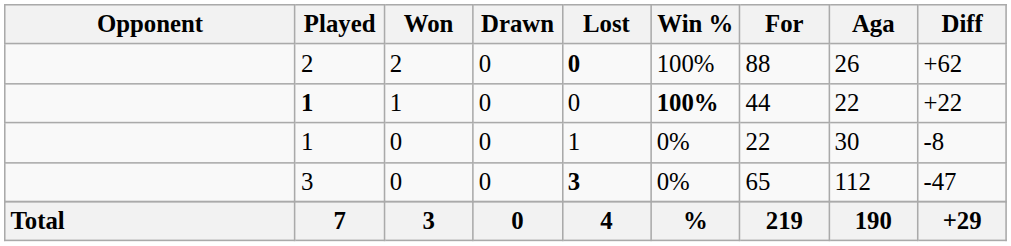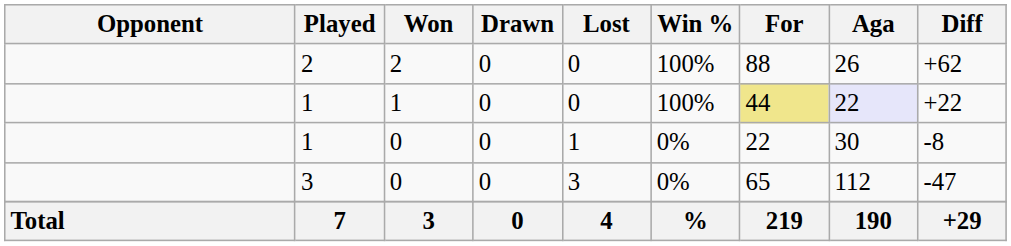 <table class="wikitable sortable" style="font-size:100%">
 <tr>
 <th style="width:180px;">Opponent</th>
 <th style="width:50px;">Played</th>
 <th style="width:50px;">Won</th>
 <th style="width:50px;">Drawn</th>
 <th style="width:50px;">Lost</th>
 <th style="width:50px;">Win %</th>
 <th style="width:50px;">For</th>
 <th style="width:50px;">Aga</th>
 <th style="width:50px;">Diff</th>
 </tr>
 <tr>
 <td style="text-align:left;"></td>
 <td>2</td>
 <td>2</td>
 <td>0</td>
-<td><strong>0</strong></td>
+<td>0</td>
 <td>100%</td>
 <td>88</td>
 <td>26</td>
 <td>+62</td>
 </tr>
 <tr>
 <td style="text-align:left;"></td>
-<td><strong>1</strong></td>
+<td>1</td>
 <td>1</td>
 <td>0</td>
 <td>0</td>
-<td><strong>100%</strong></td>
-<td>44</td>
-<td>22</td>
+<td>100%</td>
+<td style="background: khaki;">44</td>
+<td style="background: lavender;">22</td>
 <td>+22</td>
 </tr>
 <tr>
 <td style="text-align:left;"></td>
 <td>1</td>
 <td>0</td>
 <td>0</td>
 <td>1</td>
 <td>0%</td>
 <td>22</td>
 <td>30</td>
 <td>-8</td>
 </tr>
 <tr>
 <td style="text-align:left;"></td>
 <td>3</td>
 <td>0</td>
 <td>0</td>
-<td><strong>3</strong></td>
+<td>3</td>
 <td>0%</td>
 <td>65</td>
 <td>112</td>
 <td>-47</td>
 </tr>
 <tr>
 </tr>
 <tr>
 <th style="text-align:left;"><strong>Total</strong></th>
 <th><strong>7</strong></th>
 <th><strong>3</strong></th>
 <th><strong>0</strong></th>
 <th><strong>4</strong></th>
 <th><strong>%</strong></th>
 <th><strong>219</strong></th>
 <th><strong>190</strong></th>
 <th><strong>+29</strong></th>
 </tr>
 </table>
